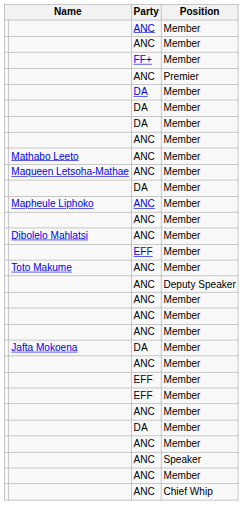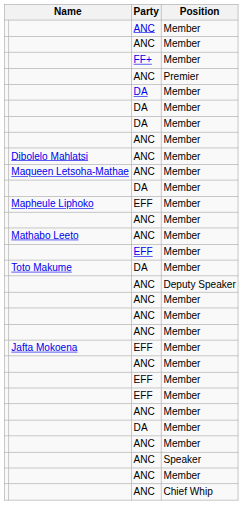 <table class="wikitable sortable">
 <tr>
 <th colspan=2>Name</th>
 <th>Party</th>
 <th>Position</th>
 </tr>
 <tr>
 <td style="background-color: "></td>
 <td></td>
 <td><a href='#'>ANC</a></td>
 <td>Member</td>
 </tr>
 <tr>
 <td style="background-color: "></td>
 <td></td>
 <td>ANC</td>
 <td>Member</td>
 </tr>
 <tr>
 <td style="background-color: "></td>
 <td></td>
 <td><a href='#'>FF+</a></td>
 <td>Member</td>
 </tr>
 <tr>
 <td style="background-color: "></td>
 <td></td>
 <td>ANC</td>
 <td>Premier</td>
 </tr>
 <tr>
 <td style="background-color: "></td>
 <td></td>
 <td><a href='#'>DA</a></td>
 <td>Member</td>
 </tr>
 <tr>
 <td style="background-color: "></td>
 <td></td>
 <td>DA</td>
 <td>Member</td>
 </tr>
 <tr>
 <td style="background-color: "></td>
 <td></td>
 <td>DA</td>
 <td>Member</td>
 </tr>
 <tr>
 <td style="background-color: "></td>
 <td></td>
 <td>ANC</td>
 <td>Member</td>
 </tr>
 <tr>
 <td style="background-color: "></td>
-<td><a href='#'>Mathabo Leeto</a></td>
+<td><a href='#'>Dibolelo Mahlatsi</a></td>
 <td>ANC</td>
 <td>Member</td>
 </tr>
 <tr>
 <td style="background-color: "></td>
 <td><a href='#'>Maqueen Letsoha-Mathae</a></td>
 <td>ANC</td>
 <td>Member</td>
 </tr>
 <tr>
 <td style="background-color: "></td>
 <td></td>
 <td>DA</td>
 <td>Member</td>
 </tr>
 <tr>
 <td style="background-color: "></td>
 <td><a href='#'>Mapheule Liphoko</a></td>
-<td><a href='#'>ANC</a></td>
+<td>EFF</td>
 <td>Member</td>
 </tr>
 <tr>
 <td style="background-color: "></td>
 <td></td>
 <td>ANC</td>
 <td>Member</td>
 </tr>
 <tr>
 <td style="background-color: "></td>
-<td><a href='#'>Dibolelo Mahlatsi</a></td>
+<td><a href='#'>Mathabo Leeto</a></td>
 <td>ANC</td>
 <td>Member</td>
 </tr>
 <tr>
 <td style="background-color: "></td>
 <td></td>
 <td><a href='#'>EFF</a></td>
 <td>Member</td>
 </tr>
 <tr>
 <td style="background-color: "></td>
 <td><a href='#'>Toto Makume</a></td>
-<td>ANC</td>
+<td>DA</td>
 <td>Member</td>
 </tr>
 <tr>
 <td style="background-color: "></td>
 <td></td>
 <td>ANC</td>
 <td>Deputy Speaker</td>
 </tr>
 <tr>
 <td style="background-color: "></td>
 <td></td>
 <td>ANC</td>
 <td>Member</td>
 </tr>
 <tr>
 <td style="background-color: "></td>
 <td></td>
 <td>ANC</td>
 <td>Member</td>
 </tr>
 <tr>
 <td style="background-color: "></td>
 <td></td>
 <td>ANC</td>
 <td>Member</td>
 </tr>
 <tr>
 <td style="background-color: "></td>
 <td><a href='#'>Jafta Mokoena</a></td>
-<td>DA</td>
+<td>EFF</td>
 <td>Member</td>
 </tr>
 <tr>
 <td style="background-color: "></td>
 <td></td>
 <td>ANC</td>
 <td>Member</td>
 </tr>
 <tr>
 <td style="background-color: "></td>
 <td></td>
 <td>EFF</td>
 <td>Member</td>
 </tr>
 <tr>
 <td style="background-color: "></td>
 <td></td>
 <td>EFF</td>
 <td>Member</td>
 </tr>
 <tr>
 <td style="background-color: "></td>
 <td></td>
 <td>ANC</td>
 <td>Member</td>
 </tr>
 <tr>
 <td style="background-color: "></td>
 <td></td>
 <td>DA</td>
 <td>Member</td>
 </tr>
 <tr>
 <td style="background-color: "></td>
 <td></td>
 <td>ANC</td>
 <td>Member</td>
 </tr>
 <tr>
 <td style="background-color: "></td>
 <td></td>
 <td>ANC</td>
 <td>Speaker</td>
 </tr>
 <tr>
 <td style="background-color: "></td>
 <td></td>
 <td>ANC</td>
 <td>Member</td>
 </tr>
 <tr>
 <td style="background-color: "></td>
 <td></td>
 <td>ANC</td>
 <td>Chief Whip</td>
 </tr>
 </table>
